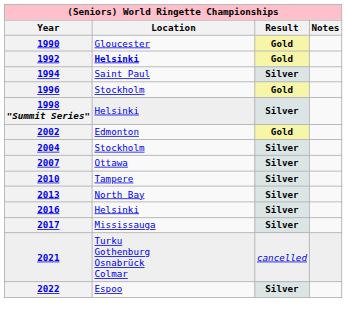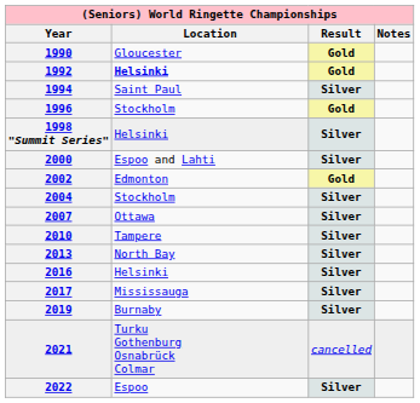 <table class="wikitable" style="text-align:left; font-size:90%;">
 <tr>
 <th colspan=4 style="background:pink;">(Seniors) World Ringette Championships</th>
 </tr>
 <tr>
 <th>Year</th>
 <th width=200>Location</th>
 <th style="text-align:center">Result</th>
 <th>Notes</th>
 </tr>
 <tr>
 <th><a href='#'>1990</a></th>
 <td> <a href='#'>Gloucester</a></td>
 <td style="background:#f7f6a8; text-align:center";><strong>Gold</strong></td>
 <td></td>
 </tr>
 <tr>
 <th><a href='#'>1992</a></th>
 <td><strong> <a href='#'>Helsinki</a></strong></td>
 <td style="background:#f7f6a8; text-align:center";><strong>Gold</strong></td>
 <td></td>
 </tr>
 <tr>
 <th><a href='#'>1994</a></th>
 <td> <a href='#'>Saint Paul</a></td>
 <td style="background-color:#DCE5E5; text-align:center";><strong>Silver</strong></td>
 <td></td>
 </tr>
 <tr>
 <th><a href='#'>1996</a></th>
 <td> <a href='#'>Stockholm</a></td>
 <td style="background:#f7f6a8; text-align:center";><strong>Gold</strong></td>
 <td></td>
 </tr>
 <tr>
 <th><a href='#'>1998</a><br><em>"Summit Series"</em></th>
 <td style="background:#eeee"> <a href='#'>Helsinki</a></td>
+<td style="background-color:#DCE5E5; text-align:center";><strong>Silver</strong></td>
+<td></td>
+</tr>
+<tr>
+<th><a href='#'>2000</a></th>
+<td> <a href='#'>Espoo</a> and <a href='#'>Lahti</a></td>
 <td style="background-color:#DCE5E5; text-align:center";><strong>Silver</strong></td>
 <td></td>
 </tr>
 <tr>
 <th><a href='#'>2002</a></th>
 <td> <a href='#'>Edmonton</a></td>
 <td style="background:#f7f6a8; text-align:center";><strong>Gold</strong></td>
 <td></td>
 </tr>
 <tr>
 <th><a href='#'>2004</a></th>
 <td> <a href='#'>Stockholm</a></td>
 <td style="background-color:#DCE5E5; text-align:center";><strong>Silver</strong></td>
 <td></td>
 </tr>
 <tr>
 <th><a href='#'>2007</a></th>
 <td> <a href='#'>Ottawa</a></td>
 <td style="background-color:#DCE5E5; text-align:center";><strong>Silver</strong></td>
 <td></td>
 </tr>
 <tr>
 <th><a href='#'>2010</a></th>
 <td> <a href='#'>Tampere</a></td>
 <td style="background-color:#DCE5E5; text-align:center";><strong>Silver</strong></td>
 <td></td>
 </tr>
 <tr>
 <th><a href='#'>2013</a></th>
 <td> <a href='#'>North Bay</a></td>
 <td style="background-color:#DCE5E5; text-align:center";><strong>Silver</strong></td>
 <td></td>
 </tr>
 <tr>
 <th><a href='#'>2016</a></th>
 <td> <a href='#'>Helsinki</a></td>
 <td style="background-color:#DCE5E5; text-align:center";><strong>Silver</strong></td>
 <td></td>
 </tr>
 <tr>
 <th><a href='#'>2017</a></th>
 <td> <a href='#'>Mississauga</a></td>
 <td style="background-color:#DCE5E5; text-align:center";><strong>Silver</strong></td>
 <td></td>
 </tr>
 <tr>
+<th><a href='#'>2019</a></th>
+<td> <a href='#'>Burnaby</a></td>
+<td style="background-color:#DCE5E5; text-align:center";><strong>Silver</strong></td>
+<td></td>
+</tr>
+<tr>
 <th style="background:#eeee"><a href='#'>2021</a></th>
 <td style="background:#eeee"> <a href='#'>Turku</a> <br> <a href='#'>Gothenburg</a> <br> <a href='#'>Osnabrück</a> <br> <a href='#'>Colmar</a></td>
 <td style="background:#eeee" align=center><em><a href='#'>cancelled</a></em></td>
 <td style="background:#eeee"></td>
 </tr>
 <tr>
 <th><a href='#'>2022</a></th>
 <td> <a href='#'>Espoo</a></td>
 <td style="background-color:#DCE5E5; text-align:center";><strong>Silver</strong></td>
 <td></td>
 </tr>
 </table>
